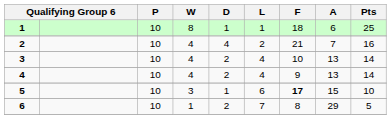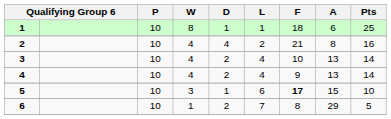 <table class="wikitable">
 <tr>
 <th colspan="2">Qualifying Group 6</th>
 <th rowspan="1" width="50">P</th>
 <th rowspan="1" width="50">W</th>
 <th colspan="1" width="50">D</th>
 <th colspan="1" width="50">L</th>
 <th colspan="1" width="50">F</th>
 <th colspan="1" width="50">A</th>
 <th colspan="1" width="50">Pts</th>
 </tr>
 <tr style="background:#ccffcc;" align=center>
 <td width="50"><strong>1</strong></td>
 <td align=left width="150"><strong></strong></td>
 <td>10</td>
 <td>8</td>
 <td>1</td>
 <td>1</td>
 <td>18</td>
 <td>6</td>
 <td>25</td>
 </tr>
 <tr>
 </tr>
 <tr align=center>
 <td><strong>2</strong></td>
 <td align=left></td>
 <td>10</td>
 <td>4</td>
 <td>4</td>
 <td>2</td>
 <td>21</td>
-<td>7</td>
+<td>8</td>
 <td>16</td>
 </tr>
 <tr>
 </tr>
 <tr align=center>
 <td><strong>3</strong></td>
 <td align=left></td>
 <td>10</td>
 <td>4</td>
 <td>2</td>
 <td>4</td>
 <td>10</td>
 <td>13</td>
 <td>14</td>
 </tr>
 <tr>
 </tr>
 <tr align=center>
 <td><strong>4</strong></td>
 <td align=left></td>
 <td>10</td>
 <td>4</td>
 <td>2</td>
 <td>4</td>
 <td>9</td>
 <td>13</td>
 <td>14</td>
 </tr>
 <tr>
 </tr>
 <tr align=center>
 <td><strong>5</strong></td>
 <td align=left></td>
 <td>10</td>
 <td>3</td>
 <td>1</td>
 <td>6</td>
 <td><strong>17</strong></td>
 <td>15</td>
 <td>10</td>
 </tr>
 <tr>
 </tr>
 <tr align=center>
 <td><strong>6</strong></td>
 <td align=left></td>
 <td>10</td>
 <td>1</td>
 <td>2</td>
 <td>7</td>
 <td>8</td>
 <td>29</td>
 <td>5</td>
 </tr>
 <tr>
 </tr>
 </table>
